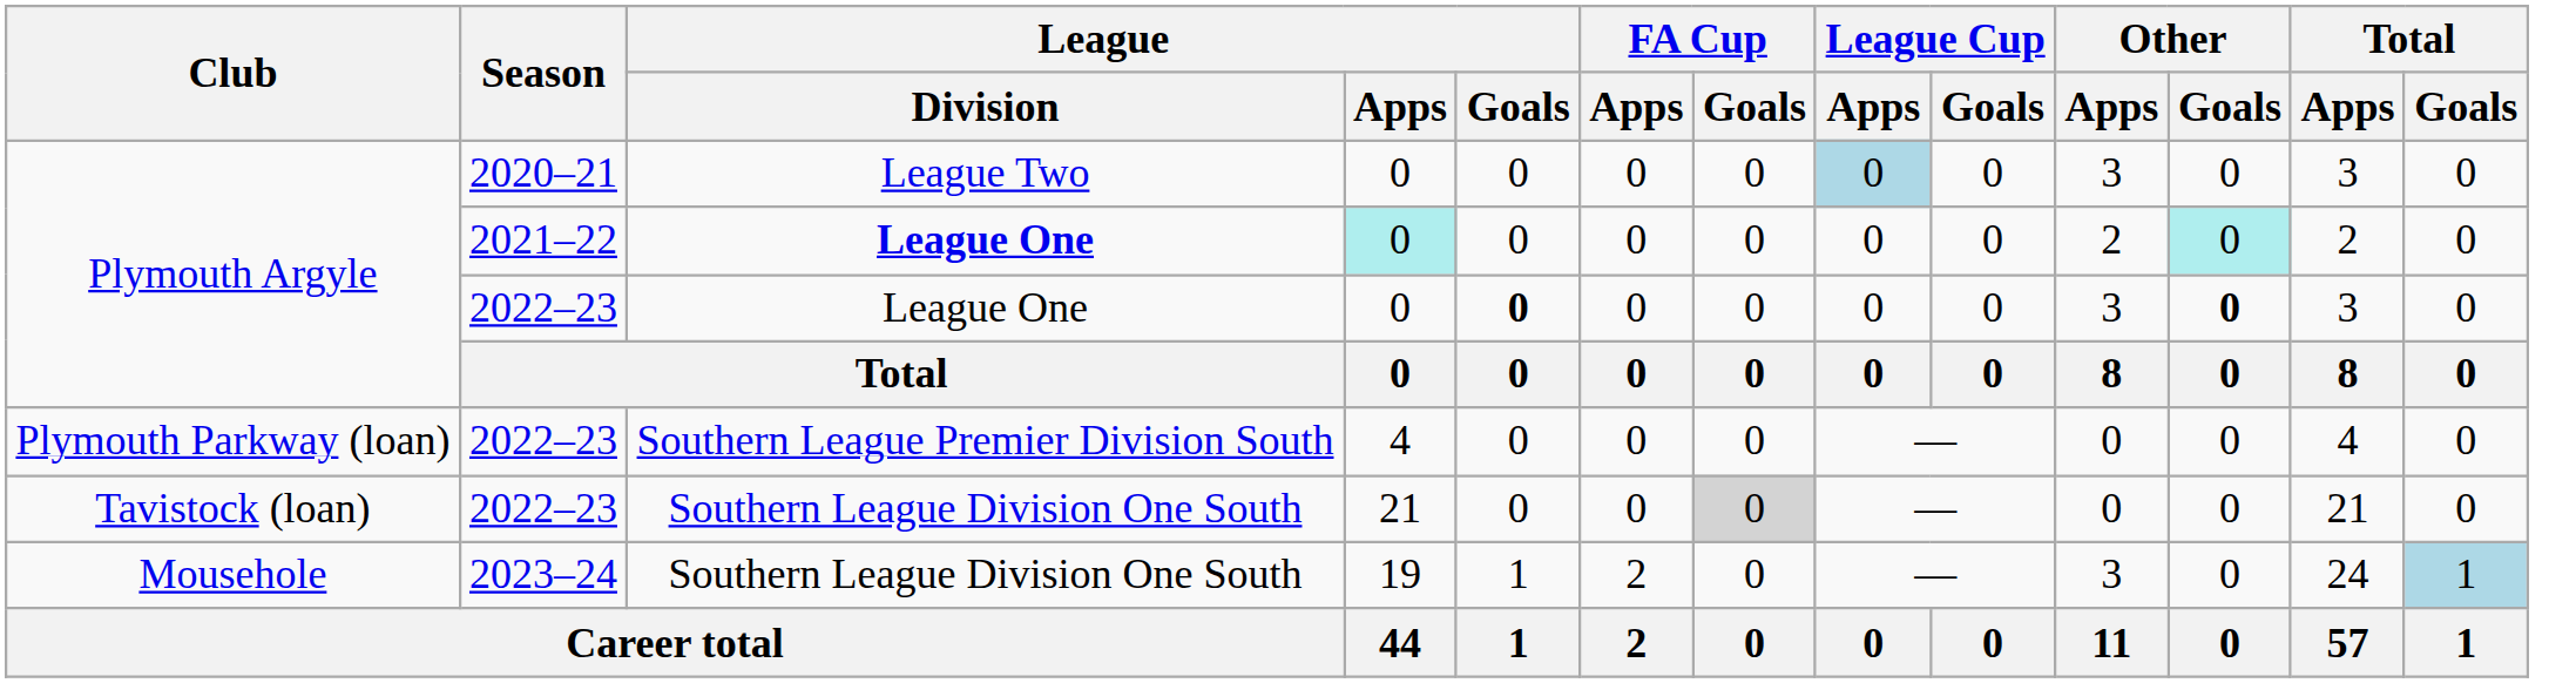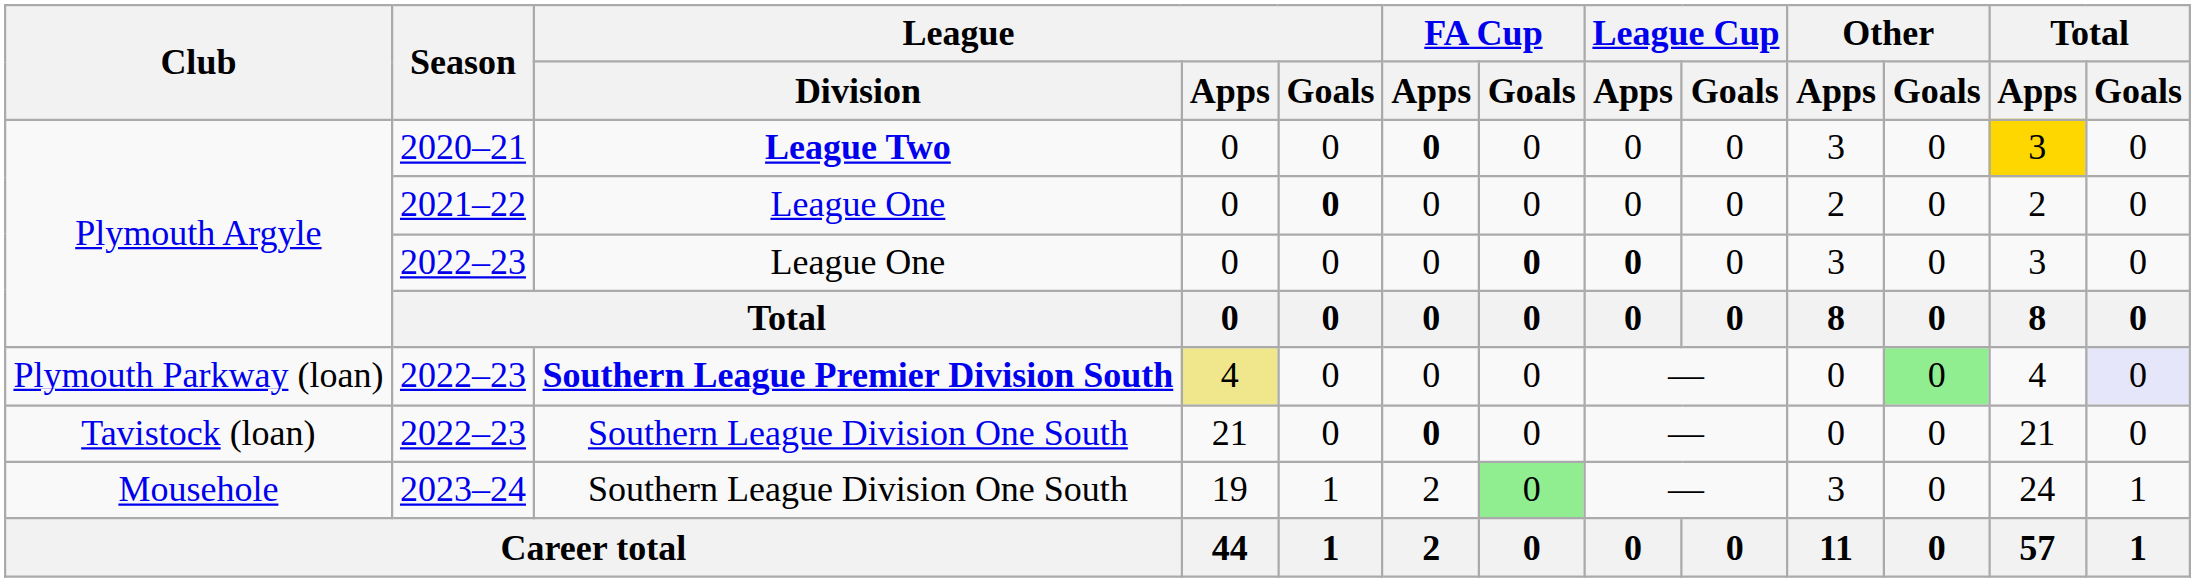 <table class="wikitable" style="text-align:center">
 <tr>
 <th rowspan="2">Club</th>
 <th rowspan="2">Season</th>
 <th colspan="3">League</th>
 <th colspan="2"><a href='#'>FA Cup</a></th>
 <th colspan="2"><a href='#'>League Cup</a></th>
 <th colspan="2">Other</th>
 <th colspan="2">Total</th>
 </tr>
 <tr>
 <th>Division</th>
 <th>Apps</th>
 <th>Goals</th>
 <th>Apps</th>
 <th>Goals</th>
 <th>Apps</th>
 <th>Goals</th>
 <th>Apps</th>
 <th>Goals</th>
 <th>Apps</th>
 <th>Goals</th>
 </tr>
 <tr>
 <td rowspan="4"><a href='#'>Plymouth Argyle</a></td>
 <td><a href='#'>2020–21</a></td>
-<td><a href='#'>League Two</a></td>
+<td><strong><a href='#'>League Two</a></strong></td>
+<td>0</td>
+<td>0</td>
+<td><strong>0</strong></td>
 <td>0</td>
 <td>0</td>
 <td>0</td>
-<td>0</td>
-<td style="background: lightblue;">0</td>
-<td>0</td>
 <td>3</td>
 <td>0</td>
-<td>3</td>
+<td style="background: gold;">3</td>
 <td>0</td>
 </tr>
 <tr>
 <td><a href='#'>2021–22</a></td>
-<td><strong><a href='#'>League One</a></strong></td>
-<td style="background: paleturquoise;">0</td>
+<td><a href='#'>League One</a></td>
 <td>0</td>
+<td><strong>0</strong></td>
 <td>0</td>
 <td>0</td>
 <td>0</td>
 <td>0</td>
 <td>2</td>
-<td style="background: paleturquoise;">0</td>
+<td>0</td>
 <td>2</td>
 <td>0</td>
 </tr>
 <tr>
 <td><a href='#'>2022–23</a></td>
 <td>League One</td>
 <td>0</td>
+<td>0</td>
+<td>0</td>
+<td><strong>0</strong></td>
 <td><strong>0</strong></td>
 <td>0</td>
+<td>3</td>
 <td>0</td>
-<td>0</td>
-<td>0</td>
-<td>3</td>
-<td><strong>0</strong></td>
 <td>3</td>
 <td>0</td>
 </tr>
 <tr>
 <th colspan="2">Total</th>
 <th>0</th>
 <th>0</th>
 <th>0</th>
 <th>0</th>
 <th>0</th>
 <th>0</th>
 <th>8</th>
 <th>0</th>
 <th>8</th>
 <th>0</th>
 </tr>
 <tr>
 <td><a href='#'>Plymouth Parkway</a> (loan)</td>
 <td><a href='#'>2022–23</a></td>
-<td><a href='#'>Southern League Premier Division South</a></td>
-<td>4</td>
+<td><strong><a href='#'>Southern League Premier Division South</a></strong></td>
+<td style="background: khaki;">4</td>
 <td>0</td>
 <td>0</td>
 <td>0</td>
 <td colspan="2">—</td>
 <td>0</td>
-<td>0</td>
+<td style="background: lightgreen;">0</td>
 <td>4</td>
-<td>0</td>
+<td style="background: lavender;">0</td>
 </tr>
 <tr>
 <td><a href='#'>Tavistock</a> (loan)</td>
 <td><a href='#'>2022–23</a></td>
 <td><a href='#'>Southern League Division One South</a></td>
 <td>21</td>
 <td>0</td>
+<td><strong>0</strong></td>
 <td>0</td>
-<td style="background: lightgrey;">0</td>
 <td colspan="2">—</td>
 <td>0</td>
 <td>0</td>
 <td>21</td>
 <td>0</td>
 </tr>
 <tr>
 <td><a href='#'>Mousehole</a></td>
 <td><a href='#'>2023–24</a></td>
 <td>Southern League Division One South</td>
 <td>19</td>
 <td>1</td>
 <td>2</td>
-<td>0</td>
+<td style="background: lightgreen;">0</td>
 <td colspan="2">—</td>
 <td>3</td>
 <td>0</td>
 <td>24</td>
-<td style="background: lightblue;">1</td>
+<td>1</td>
 </tr>
 <tr>
 <th colspan="3">Career total</th>
 <th>44</th>
 <th>1</th>
 <th>2</th>
 <th>0</th>
 <th>0</th>
 <th>0</th>
 <th>11</th>
 <th>0</th>
 <th>57</th>
 <th>1</th>
 </tr>
 </table>
